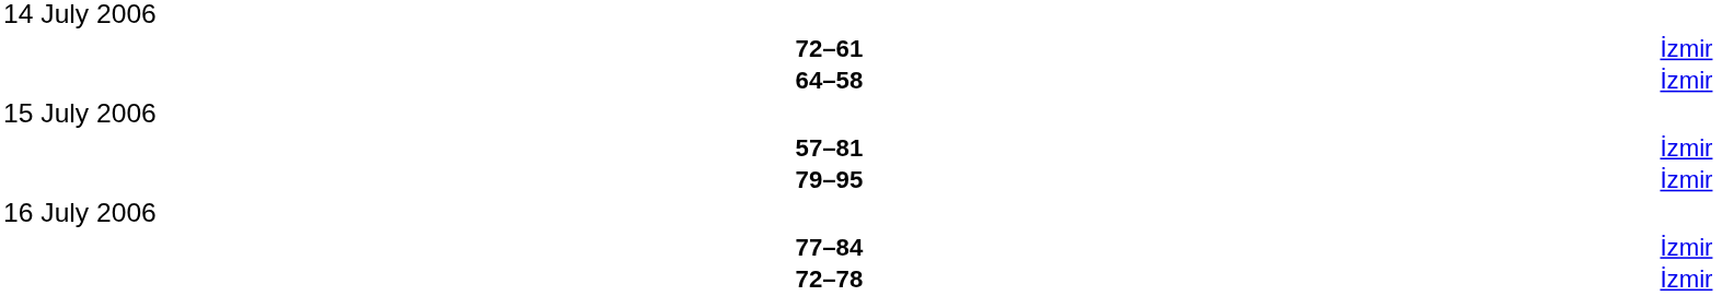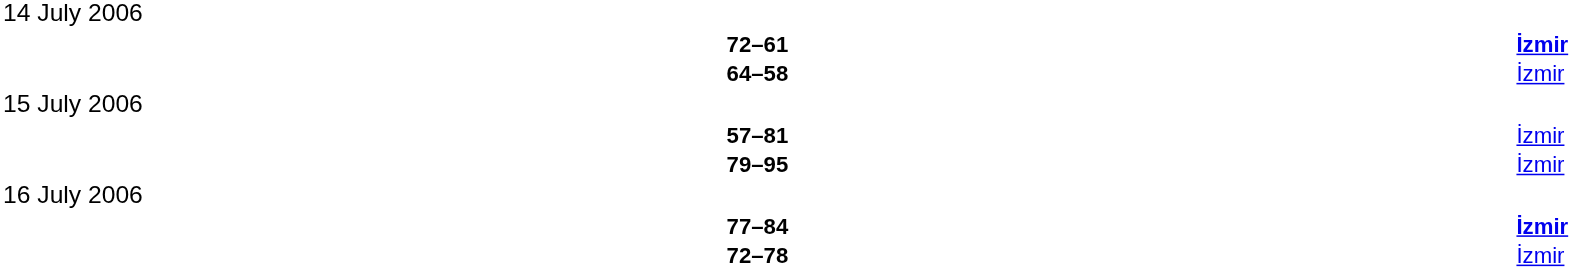 <table style="width:100%;" cellspacing="1">
 <tr>
 <th width=25%></th>
 <th width=3%></th>
 <th width=6%></th>
 <th width=3%></th>
 <th width=25%></th>
 </tr>
 <tr>
 <td>14 July 2006</td>
 </tr>
 <tr style=font-size:90%>
 <td align=right><strong></strong></td>
 <td></td>
 <td align=center><strong>72–61</strong></td>
 <td></td>
 <td><strong></strong></td>
-<td><a href='#'>İzmir</a></td>
+<td><strong><a href='#'>İzmir</a></strong></td>
 </tr>
 <tr style=font-size:90%>
 <td align=right><strong></strong></td>
 <td></td>
 <td align=center><strong>64–58</strong></td>
 <td></td>
 <td><strong></strong></td>
 <td><a href='#'>İzmir</a></td>
 </tr>
 <tr>
 <td>15 July 2006</td>
 </tr>
 <tr style=font-size:90%>
 <td align=right><strong></strong></td>
 <td></td>
 <td align=center><strong>57–81</strong></td>
 <td></td>
 <td><strong></strong></td>
 <td><a href='#'>İzmir</a></td>
 </tr>
 <tr style=font-size:90%>
 <td align=right><strong></strong></td>
 <td></td>
 <td align=center><strong>79–95</strong></td>
 <td></td>
 <td><strong></strong></td>
 <td><a href='#'>İzmir</a></td>
 </tr>
 <tr>
 <td>16 July 2006</td>
 </tr>
 <tr style=font-size:90%>
 <td align=right><strong></strong></td>
 <td></td>
 <td align=center><strong>77–84</strong></td>
 <td></td>
 <td><strong></strong></td>
-<td><a href='#'>İzmir</a></td>
+<td><strong><a href='#'>İzmir</a></strong></td>
 </tr>
 <tr style=font-size:90%>
 <td align=right><strong></strong></td>
 <td></td>
 <td align=center><strong>72–78</strong></td>
 <td></td>
 <td><strong></strong></td>
 <td><a href='#'>İzmir</a></td>
 </tr>
 </table>
